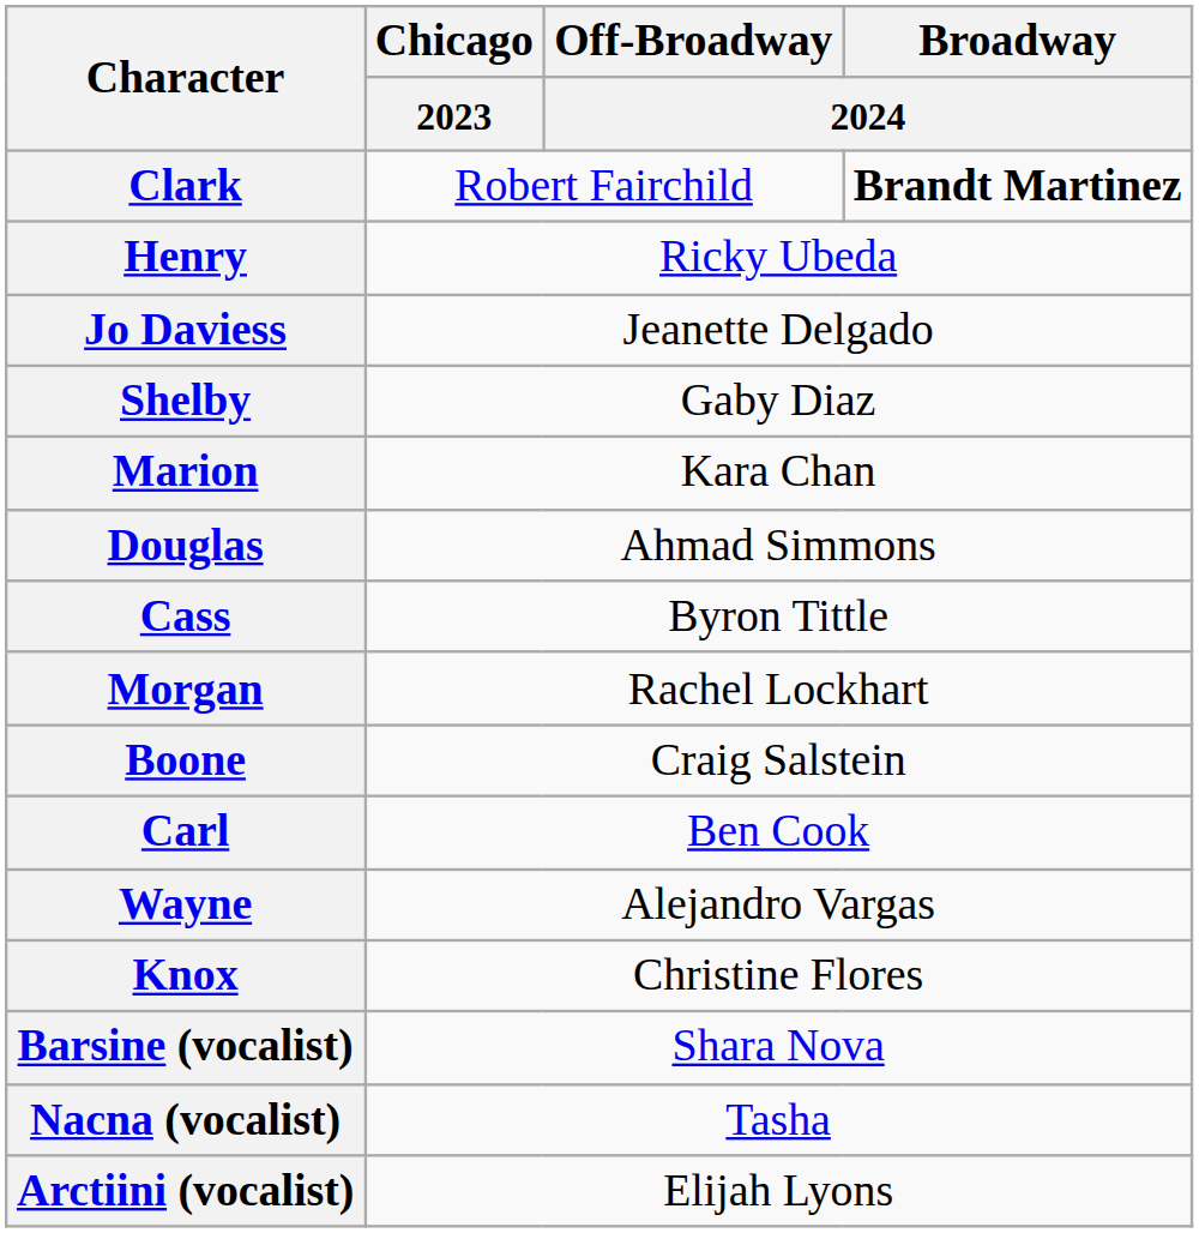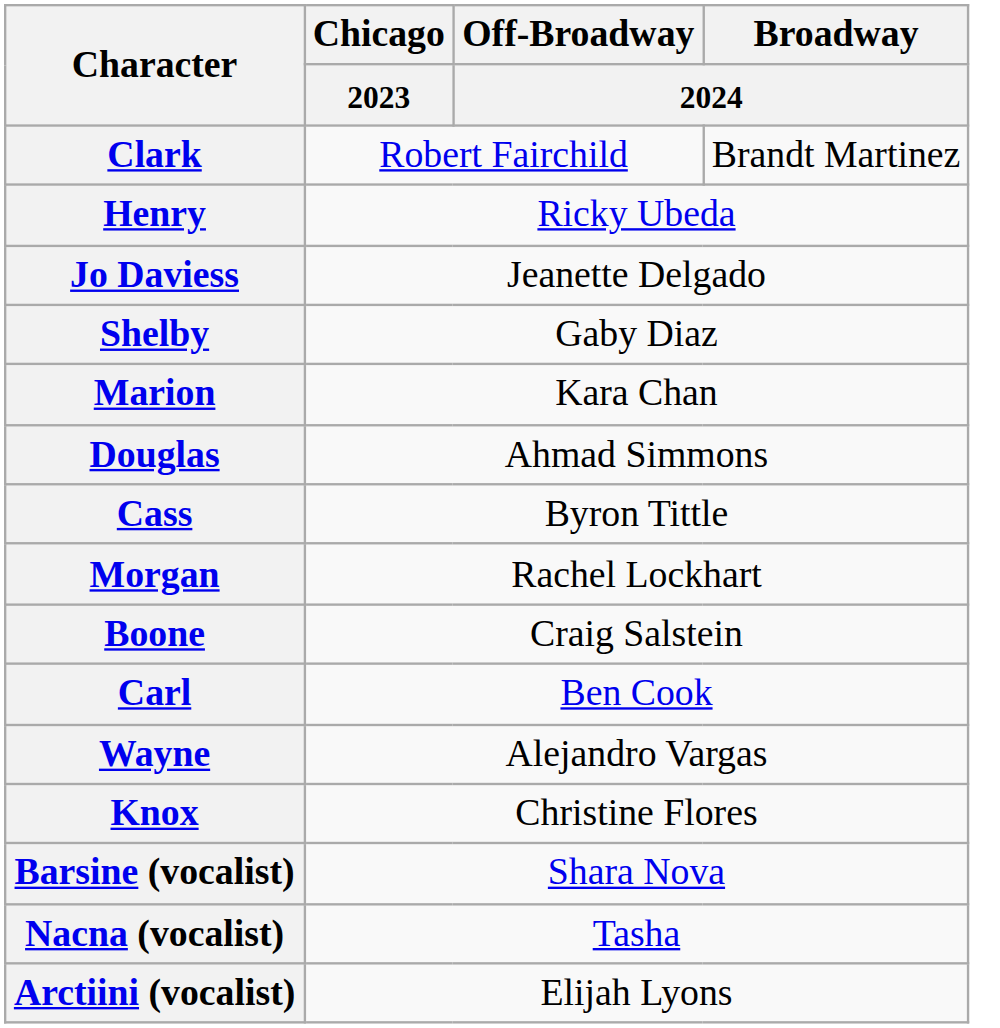 <table class="wikitable plainrowheaders">
 <tr>
 <th scope="colgroup" rowspan="2">Character</th>
 <th scope="col">Chicago</th>
 <th scope="col">Off-Broadway</th>
 <th>Broadway</th>
 </tr>
 <tr>
 <th scope="col"><small>2023</small></th>
 <th colspan="2" scope="colgroup"><small>2024</small></th>
 </tr>
 <tr>
 <th><a href='#'>Clark</a></th>
 <td colspan="2" align="center"><a href='#'>Robert Fairchild</a></td>
-<td align="center"><strong>Brandt Martinez</strong></td>
+<td align="center">Brandt Martinez</td>
 </tr>
 <tr>
 <th><a href='#'>Henry</a></th>
 <td colspan="3" align="center"><a href='#'>Ricky Ubeda</a></td>
 </tr>
 <tr>
 <th><a href='#'>Jo Daviess</a></th>
 <td colspan="3" align="center">Jeanette Delgado</td>
 </tr>
 <tr>
 <th><a href='#'>Shelby</a></th>
 <td colspan="3" align="center">Gaby Diaz</td>
 </tr>
 <tr>
 <th><a href='#'>Marion</a></th>
 <td colspan="3" align="center">Kara Chan</td>
 </tr>
 <tr>
 <th><a href='#'>Douglas</a></th>
 <td colspan="3" align="center">Ahmad Simmons</td>
 </tr>
 <tr>
 <th><a href='#'>Cass</a></th>
 <td colspan="3" align="center">Byron Tittle</td>
 </tr>
 <tr>
 <th><a href='#'>Morgan</a></th>
 <td colspan="3" align="center">Rachel Lockhart</td>
 </tr>
 <tr>
 <th><a href='#'>Boone</a></th>
 <td colspan="3" align="center">Craig Salstein</td>
 </tr>
 <tr>
 <th><a href='#'>Carl</a></th>
 <td colspan="3" align="center"><a href='#'>Ben Cook</a></td>
 </tr>
 <tr>
 <th><a href='#'>Wayne</a></th>
 <td colspan="3" align="center">Alejandro Vargas</td>
 </tr>
 <tr>
 <th><a href='#'>Knox</a></th>
 <td colspan="3" align="center">Christine Flores</td>
 </tr>
 <tr>
 <th><a href='#'>Barsine</a> (vocalist)</th>
 <td colspan="3" align="center"><a href='#'>Shara Nova</a></td>
 </tr>
 <tr>
 <th><a href='#'>Nacna</a> (vocalist)</th>
 <td colspan="3" align="center"><a href='#'>Tasha</a></td>
 </tr>
 <tr>
 <th><a href='#'>Arctiini</a> (vocalist)</th>
 <td colspan="3" align="center">Elijah Lyons</td>
 </tr>
 </table>
